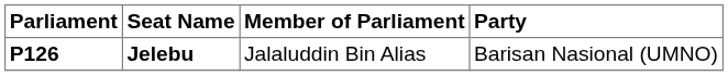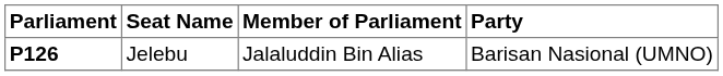 <table class="toccolours sortable" border="1" cellpadding="3" style="border-collapse:collapse; text-align: left;">
 <tr>
 <th align="center">Parliament</th>
 <th>Seat Name</th>
 <th>Member of Parliament</th>
 <th>Party</th>
 </tr>
 <tr>
 <th align="left">P126</th>
-<td><strong>Jelebu</strong></td>
+<td>Jelebu</td>
 <td>Jalaluddin Bin Alias</td>
 <td>Barisan Nasional (UMNO)</td>
 </tr>
 <tr>
 </tr>
 </table>
